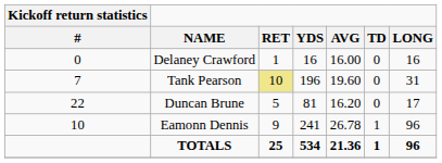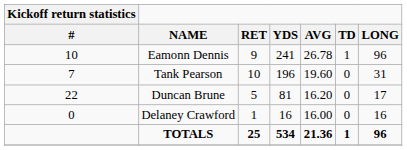 <table class="wikitable sortable" style="text-align:center;">
 <tr>
 <th style="text-align:center; ">Kickoff return statistics</th>
 </tr>
 <tr>
 <th>#</th>
 <th>NAME</th>
 <th>RET</th>
 <th>YDS</th>
 <th>AVG</th>
 <th>TD</th>
 <th>LONG</th>
 </tr>
 <tr>
-<td>0</td>
-<td>Delaney Crawford</td>
+<td>10</td>
+<td>Eamonn Dennis</td>
+<td>9</td>
+<td>241</td>
+<td>26.78</td>
 <td>1</td>
-<td>16</td>
-<td>16.00</td>
-<td>0</td>
-<td>16</td>
+<td>96</td>
 </tr>
 <tr>
 <td>7</td>
 <td>Tank Pearson</td>
-<td style="background: khaki;">10</td>
+<td>10</td>
 <td>196</td>
 <td>19.60</td>
 <td>0</td>
 <td>31</td>
 </tr>
 <tr>
 <td>22</td>
 <td>Duncan Brune</td>
 <td>5</td>
 <td>81</td>
 <td>16.20</td>
 <td>0</td>
 <td>17</td>
 </tr>
 <tr>
-<td>10</td>
-<td>Eamonn Dennis</td>
-<td>9</td>
-<td>241</td>
-<td>26.78</td>
+<td>0</td>
+<td>Delaney Crawford</td>
 <td>1</td>
-<td>96</td>
+<td>16</td>
+<td>16.00</td>
+<td>0</td>
+<td>16</td>
 </tr>
 <tr>
 <td></td>
 <td><strong>TOTALS</strong></td>
 <td><strong>25</strong></td>
 <td><strong>534</strong></td>
 <td><strong>21.36</strong></td>
 <td><strong>1</strong></td>
 <td><strong>96</strong></td>
 </tr>
 <tr>
 </tr>
 </table>
